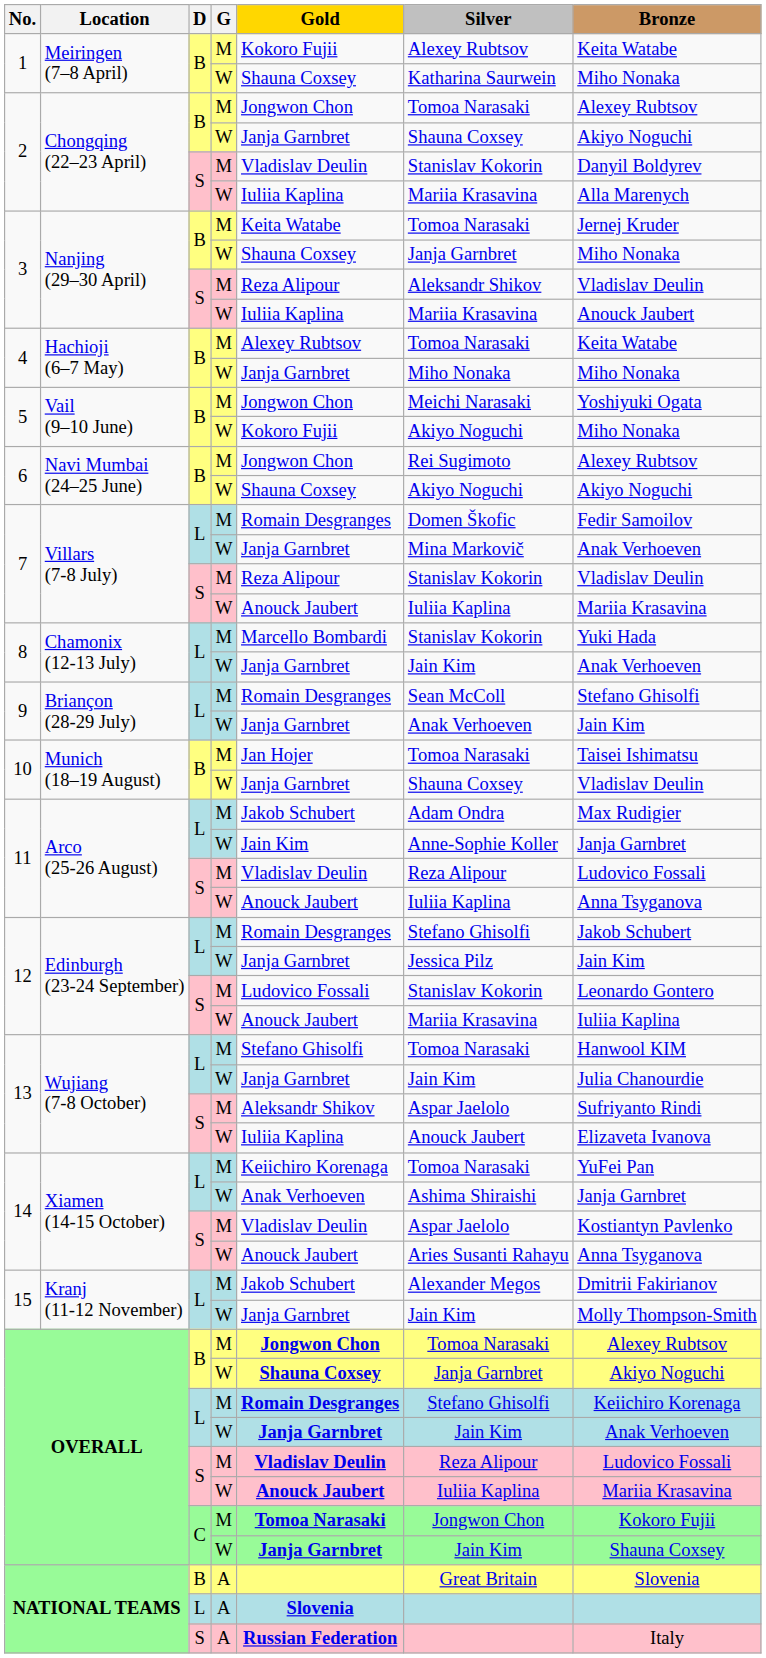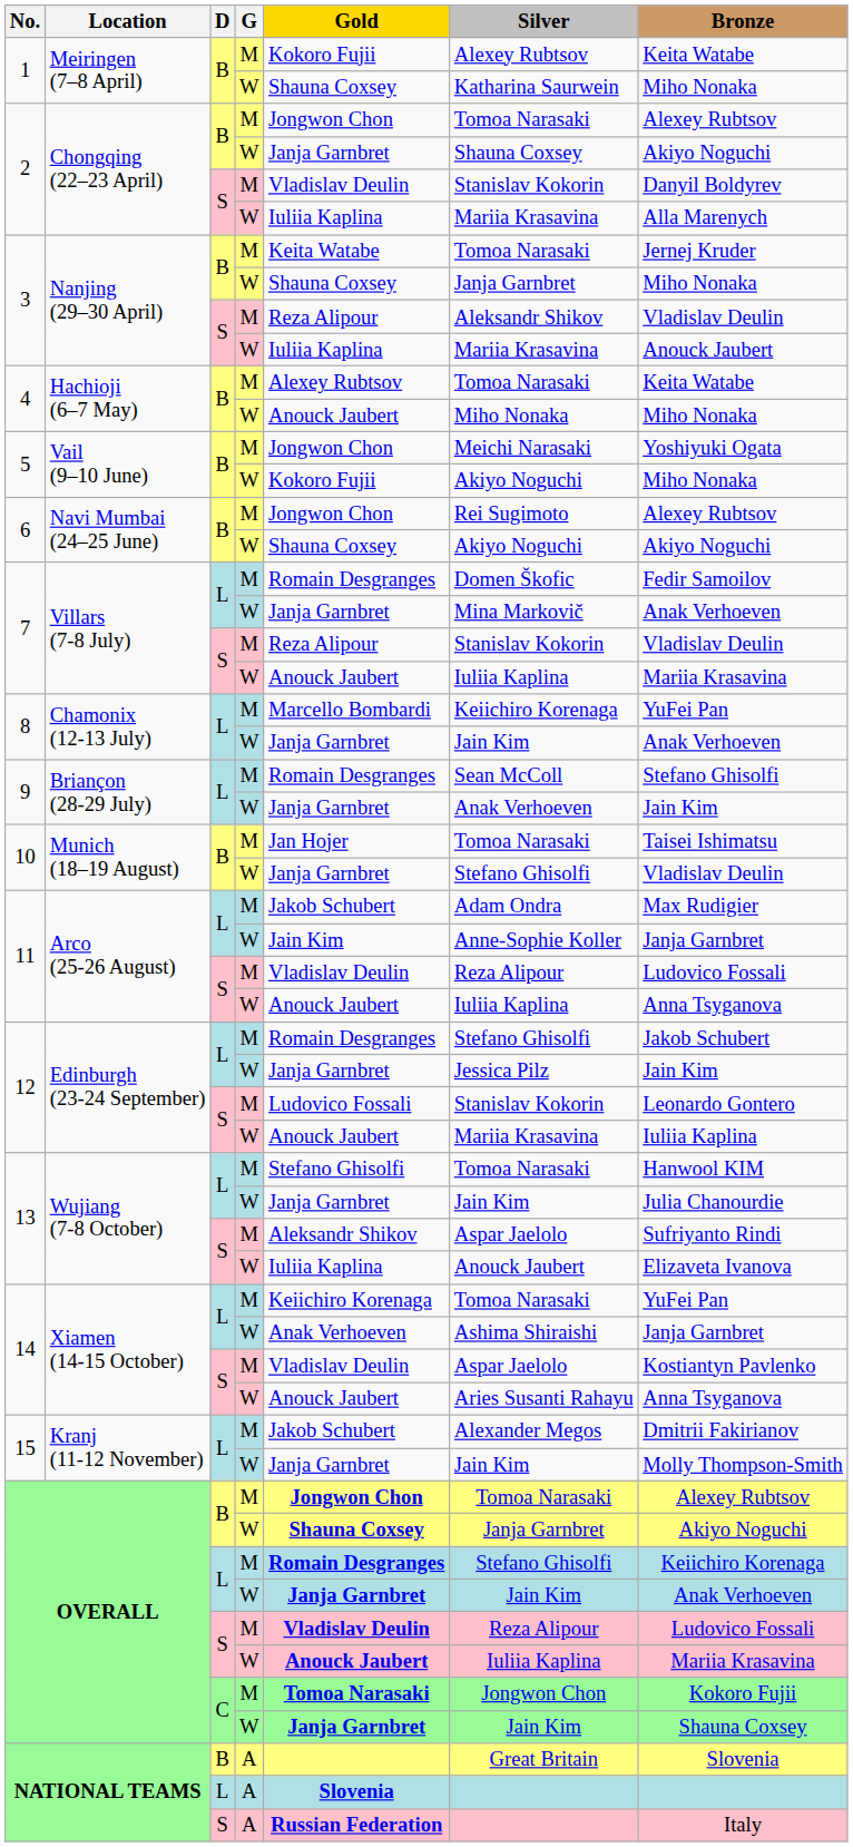 <table class="wikitable sortable">
 <tr>
 <th>No.</th>
 <th>Location</th>
 <th>D</th>
 <th>G</th>
 <th style="background: gold">Gold</th>
 <th style="background: silver">Silver</th>
 <th style="background: #cc9966">Bronze</th>
 </tr>
 <tr>
 <td rowspan=2 align="center">1</td>
 <td rowspan=2> <a href='#'>Meiringen</a> <br> (7–8 April)</td>
 <td rowspan=2 align="center" style="background: #ffff80">B</td>
 <td align="center" style="background: #ffff80">M</td>
 <td> <a href='#'>Kokoro Fujii</a></td>
 <td> <a href='#'>Alexey Rubtsov</a></td>
 <td> <a href='#'>Keita Watabe</a></td>
 </tr>
 <tr>
 <td align="center" style="background: #ffff80">W</td>
 <td> <a href='#'>Shauna Coxsey</a></td>
 <td> <a href='#'>Katharina Saurwein</a></td>
 <td> <a href='#'>Miho Nonaka</a></td>
 </tr>
 <tr>
 <td rowspan=4 align="center">2</td>
 <td rowspan=4> <a href='#'>Chongqing</a> <br> (22–23 April)</td>
 <td rowspan=2 align="center" style="background: #ffff80">B</td>
 <td align="center" style="background: #ffff80">M</td>
 <td> <a href='#'>Jongwon Chon</a></td>
 <td> <a href='#'>Tomoa Narasaki</a></td>
 <td> <a href='#'>Alexey Rubtsov</a></td>
 </tr>
 <tr>
 <td align="center" style="background: #ffff80">W</td>
 <td> <a href='#'>Janja Garnbret</a></td>
 <td> <a href='#'>Shauna Coxsey</a></td>
 <td> <a href='#'>Akiyo Noguchi</a></td>
 </tr>
 <tr>
 <td rowspan=2 align="center" style="background: Pink">S</td>
 <td align="center" style="background: Pink">M</td>
 <td> <a href='#'>Vladislav Deulin</a></td>
 <td> <a href='#'>Stanislav Kokorin</a></td>
 <td> <a href='#'>Danyil Boldyrev</a></td>
 </tr>
 <tr>
 <td align="center" style="background: Pink">W</td>
 <td> <a href='#'>Iuliia Kaplina</a></td>
 <td> <a href='#'>Mariia Krasavina</a></td>
 <td> <a href='#'>Alla Marenych</a></td>
 </tr>
 <tr>
 <td rowspan=4 align="center">3</td>
 <td rowspan=4> <a href='#'>Nanjing</a> <br> (29–30 April)</td>
 <td rowspan=2 align="center" style="background: #ffff80">B</td>
 <td align="center" style="background: #ffff80">M</td>
 <td> <a href='#'>Keita Watabe</a></td>
 <td> <a href='#'>Tomoa Narasaki</a></td>
 <td> <a href='#'>Jernej Kruder</a></td>
 </tr>
 <tr>
 <td align="center" style="background: #ffff80">W</td>
 <td> <a href='#'>Shauna Coxsey</a></td>
 <td> <a href='#'>Janja Garnbret</a></td>
 <td> <a href='#'>Miho Nonaka</a></td>
 </tr>
 <tr>
 <td rowspan=2 align="center" style="background: Pink">S</td>
 <td align="center" style="background: Pink">M</td>
 <td> <a href='#'>Reza Alipour</a></td>
 <td> <a href='#'>Aleksandr Shikov</a></td>
 <td> <a href='#'>Vladislav Deulin</a></td>
 </tr>
 <tr>
 <td align="center" style="background: Pink">W</td>
 <td> <a href='#'>Iuliia Kaplina</a></td>
 <td> <a href='#'>Mariia Krasavina</a></td>
 <td> <a href='#'>Anouck Jaubert</a></td>
 </tr>
 <tr>
 <td rowspan=2 align="center">4</td>
 <td rowspan=2> <a href='#'>Hachioji</a> <br> (6–7 May)</td>
 <td rowspan=2 align="center" style="background: #ffff80">B</td>
 <td align="center" style="background: #ffff80">M</td>
 <td> <a href='#'>Alexey Rubtsov</a></td>
 <td> <a href='#'>Tomoa Narasaki</a></td>
 <td> <a href='#'>Keita Watabe</a></td>
 </tr>
 <tr>
 <td align="center" style="background: #ffff80">W</td>
-<td> <a href='#'>Janja Garnbret</a></td>
+<td> <a href='#'>Anouck Jaubert</a></td>
 <td> <a href='#'>Miho Nonaka</a></td>
 <td> <a href='#'>Miho Nonaka</a></td>
 </tr>
 <tr>
 <td rowspan=2 align="center">5</td>
 <td rowspan=2> <a href='#'>Vail</a> <br> (9–10 June)</td>
 <td rowspan=2 align="center" style="background: #ffff80">B</td>
 <td align="center" style="background: #ffff80">M</td>
 <td> <a href='#'>Jongwon Chon</a></td>
 <td> <a href='#'>Meichi Narasaki</a></td>
 <td> <a href='#'>Yoshiyuki Ogata</a></td>
 </tr>
 <tr>
 <td align="center" style="background: #ffff80">W</td>
 <td> <a href='#'>Kokoro Fujii</a></td>
 <td> <a href='#'>Akiyo Noguchi</a></td>
 <td> <a href='#'>Miho Nonaka</a></td>
 </tr>
 <tr>
 <td rowspan=2 align="center">6</td>
 <td rowspan=2> <a href='#'>Navi Mumbai</a> <br> (24–25 June)</td>
 <td rowspan=2 align="center" style="background: #ffff80">B</td>
 <td align="center" style="background: #ffff80">M</td>
 <td> <a href='#'>Jongwon Chon</a></td>
 <td> <a href='#'>Rei Sugimoto</a></td>
 <td> <a href='#'>Alexey Rubtsov</a></td>
 </tr>
 <tr>
 <td align="center" style="background: #ffff80">W</td>
 <td> <a href='#'>Shauna Coxsey</a></td>
 <td> <a href='#'>Akiyo Noguchi</a></td>
 <td> <a href='#'>Akiyo Noguchi</a></td>
 </tr>
 <tr>
 <td rowspan=4 align="center">7</td>
 <td rowspan=4> <a href='#'>Villars</a> <br> (7-8 July)</td>
 <td rowspan=2 align="center" style="background: PowderBlue">L</td>
 <td align="center" style="background: PowderBlue">M</td>
 <td> <a href='#'>Romain Desgranges</a></td>
 <td> <a href='#'>Domen Škofic</a></td>
 <td> <a href='#'>Fedir Samoilov</a></td>
 </tr>
 <tr>
 <td align="center" style="background: PowderBlue">W</td>
 <td> <a href='#'>Janja Garnbret</a></td>
 <td> <a href='#'>Mina Markovič</a></td>
 <td> <a href='#'>Anak Verhoeven</a></td>
 </tr>
 <tr>
 <td rowspan=2 align="center" style="background: Pink">S</td>
 <td align="center" style="background: Pink">M</td>
 <td> <a href='#'>Reza Alipour</a></td>
 <td> <a href='#'>Stanislav Kokorin</a></td>
 <td> <a href='#'>Vladislav Deulin</a></td>
 </tr>
 <tr>
 <td align="center" style="background: Pink">W</td>
 <td> <a href='#'>Anouck Jaubert</a></td>
 <td> <a href='#'>Iuliia Kaplina</a></td>
 <td> <a href='#'>Mariia Krasavina</a></td>
 </tr>
 <tr>
 <td rowspan=2 align="center">8</td>
 <td rowspan=2> <a href='#'>Chamonix</a> <br> (12-13 July)</td>
 <td rowspan=2 align="center" style="background: PowderBlue">L</td>
 <td align="center" style="background: PowderBlue">M</td>
 <td> <a href='#'>Marcello Bombardi</a></td>
-<td> <a href='#'>Stanislav Kokorin</a></td>
-<td> <a href='#'>Yuki Hada</a></td>
+<td> <a href='#'>Keiichiro Korenaga</a></td>
+<td> <a href='#'>YuFei Pan</a></td>
 </tr>
 <tr>
 <td align="center" style="background: PowderBlue">W</td>
 <td> <a href='#'>Janja Garnbret</a></td>
 <td> <a href='#'>Jain Kim</a></td>
 <td> <a href='#'>Anak Verhoeven</a></td>
 </tr>
 <tr>
 <td rowspan=2 align="center">9</td>
 <td rowspan=2> <a href='#'>Briançon</a> <br> (28-29 July)</td>
 <td rowspan=2 align="center" style="background: PowderBlue">L</td>
 <td align="center" style="background: PowderBlue">M</td>
 <td> <a href='#'>Romain Desgranges</a></td>
 <td> <a href='#'>Sean McColl</a></td>
 <td> <a href='#'>Stefano Ghisolfi</a></td>
 </tr>
 <tr>
 <td align="center" style="background: PowderBlue">W</td>
 <td> <a href='#'>Janja Garnbret</a></td>
 <td> <a href='#'>Anak Verhoeven</a></td>
 <td> <a href='#'>Jain Kim</a></td>
 </tr>
 <tr>
 <td rowspan=2 align="center">10</td>
 <td rowspan=2> <a href='#'>Munich</a> <br> (18–19 August)</td>
 <td rowspan=2 align="center" style="background: #ffff80">B</td>
 <td align="center" style="background: #ffff80">M</td>
 <td> <a href='#'>Jan Hojer</a></td>
 <td> <a href='#'>Tomoa Narasaki</a></td>
 <td> <a href='#'>Taisei Ishimatsu</a></td>
 </tr>
 <tr>
 <td align="center" style="background: #ffff80">W</td>
 <td> <a href='#'>Janja Garnbret</a></td>
-<td> <a href='#'>Shauna Coxsey</a></td>
+<td> <a href='#'>Stefano Ghisolfi</a></td>
 <td> <a href='#'>Vladislav Deulin</a></td>
 </tr>
 <tr>
 <td rowspan=4 align="center">11</td>
 <td rowspan=4> <a href='#'>Arco</a> <br> (25-26 August)</td>
 <td rowspan=2 align="center" style="background: PowderBlue">L</td>
 <td align="center" style="background: PowderBlue">M</td>
 <td> <a href='#'>Jakob Schubert</a></td>
 <td> <a href='#'>Adam Ondra</a></td>
 <td> <a href='#'>Max Rudigier</a></td>
 </tr>
 <tr>
 <td align="center" style="background: PowderBlue">W</td>
 <td> <a href='#'>Jain Kim</a></td>
 <td> <a href='#'>Anne-Sophie Koller</a></td>
 <td> <a href='#'>Janja Garnbret</a></td>
 </tr>
 <tr>
 <td rowspan=2 align="center" style="background: Pink">S</td>
 <td align="center" style="background: Pink">M</td>
 <td> <a href='#'>Vladislav Deulin</a></td>
 <td> <a href='#'>Reza Alipour</a></td>
 <td> <a href='#'>Ludovico Fossali</a></td>
 </tr>
 <tr>
 <td align="center" style="background: Pink">W</td>
 <td> <a href='#'>Anouck Jaubert</a></td>
 <td> <a href='#'>Iuliia Kaplina</a></td>
 <td> <a href='#'>Anna Tsyganova</a></td>
 </tr>
 <tr>
 <td rowspan=4 align="center">12</td>
 <td rowspan=4> <a href='#'>Edinburgh</a> <br> (23-24 September)</td>
 <td rowspan=2 align="center" style="background: PowderBlue">L</td>
 <td align="center" style="background: PowderBlue">M</td>
 <td> <a href='#'>Romain Desgranges</a></td>
 <td> <a href='#'>Stefano Ghisolfi</a></td>
 <td> <a href='#'>Jakob Schubert</a></td>
 </tr>
 <tr>
 <td align="center" style="background: PowderBlue">W</td>
 <td> <a href='#'>Janja Garnbret</a></td>
 <td> <a href='#'>Jessica Pilz</a></td>
 <td> <a href='#'>Jain Kim</a></td>
 </tr>
 <tr>
 <td rowspan=2 align="center" style="background: Pink">S</td>
 <td align="center" style="background: Pink">M</td>
 <td> <a href='#'>Ludovico Fossali</a></td>
 <td> <a href='#'>Stanislav Kokorin</a></td>
 <td> <a href='#'>Leonardo Gontero</a></td>
 </tr>
 <tr>
 <td align="center" style="background: Pink">W</td>
 <td> <a href='#'>Anouck Jaubert</a></td>
 <td> <a href='#'>Mariia Krasavina</a></td>
 <td> <a href='#'>Iuliia Kaplina</a></td>
 </tr>
 <tr>
 <td rowspan=4 align="center">13</td>
 <td rowspan=4> <a href='#'>Wujiang</a> <br> (7-8 October)</td>
 <td rowspan=2 align="center" style="background: PowderBlue">L</td>
 <td align="center" style="background: PowderBlue">M</td>
 <td> <a href='#'>Stefano Ghisolfi</a></td>
 <td> <a href='#'>Tomoa Narasaki</a></td>
 <td> <a href='#'>Hanwool KIM</a></td>
 </tr>
 <tr>
 <td align="center" style="background: PowderBlue">W</td>
 <td> <a href='#'>Janja Garnbret</a></td>
 <td> <a href='#'>Jain Kim</a></td>
 <td> <a href='#'>Julia Chanourdie</a></td>
 </tr>
 <tr>
 <td rowspan=2 align="center" style="background: Pink">S</td>
 <td align="center" style="background: Pink">M</td>
 <td> <a href='#'>Aleksandr Shikov</a></td>
 <td> <a href='#'>Aspar Jaelolo</a></td>
 <td> <a href='#'>Sufriyanto Rindi</a></td>
 </tr>
 <tr>
 <td align="center" style="background: Pink">W</td>
 <td> <a href='#'>Iuliia Kaplina</a></td>
 <td> <a href='#'>Anouck Jaubert</a></td>
 <td> <a href='#'>Elizaveta Ivanova</a></td>
 </tr>
 <tr>
 <td rowspan=4 align="center">14</td>
 <td rowspan=4> <a href='#'>Xiamen</a> <br> (14-15 October)</td>
 <td rowspan=2 align="center" style="background: PowderBlue">L</td>
 <td align="center" style="background: PowderBlue">M</td>
 <td> <a href='#'>Keiichiro Korenaga</a></td>
 <td> <a href='#'>Tomoa Narasaki</a></td>
 <td> <a href='#'>YuFei Pan</a></td>
 </tr>
 <tr>
 <td align="center" style="background: PowderBlue">W</td>
 <td> <a href='#'>Anak Verhoeven</a></td>
 <td> <a href='#'>Ashima Shiraishi</a></td>
 <td> <a href='#'>Janja Garnbret</a></td>
 </tr>
 <tr>
 <td rowspan=2 align="center" style="background: Pink">S</td>
 <td align="center" style="background: Pink">M</td>
 <td> <a href='#'>Vladislav Deulin</a></td>
 <td> <a href='#'>Aspar Jaelolo</a></td>
 <td> <a href='#'>Kostiantyn Pavlenko</a></td>
 </tr>
 <tr>
 <td align="center" style="background: Pink">W</td>
 <td> <a href='#'>Anouck Jaubert</a></td>
 <td> <a href='#'>Aries Susanti Rahayu</a></td>
 <td> <a href='#'>Anna Tsyganova</a></td>
 </tr>
 <tr>
 <td rowspan=2 align="center">15</td>
 <td rowspan=2> <a href='#'>Kranj</a> <br> (11-12 November)</td>
 <td rowspan=2 align="center" style="background: PowderBlue">L</td>
 <td align="center" style="background: PowderBlue">M</td>
 <td> <a href='#'>Jakob Schubert</a></td>
 <td> <a href='#'>Alexander Megos</a></td>
 <td> <a href='#'>Dmitrii Fakirianov</a></td>
 </tr>
 <tr>
 <td align="center" style="background: PowderBlue">W</td>
 <td> <a href='#'>Janja Garnbret</a></td>
 <td> <a href='#'>Jain Kim</a></td>
 <td> <a href='#'>Molly Thompson-Smith</a></td>
 </tr>
 <tr>
 <td align="center" style="background:#98FB98" colspan=2 rowspan=8><strong>OVERALL</strong></td>
 <td align="center" style="background: #ffff80" rowspan=2>B</td>
 <td align="center" style="background: #ffff80">M</td>
 <td align="center" style="background: #ffff80"><strong> <a href='#'>Jongwon Chon</a></strong></td>
 <td align="center" style="background: #ffff80"> <a href='#'>Tomoa Narasaki</a></td>
 <td align="center" style="background: #ffff80"> <a href='#'>Alexey Rubtsov</a></td>
 </tr>
 <tr>
 <td align="center" style="background: #ffff80">W</td>
 <td align="center" style="background: #ffff80"><strong> <a href='#'>Shauna Coxsey</a></strong></td>
 <td align="center" style="background: #ffff80"> <a href='#'>Janja Garnbret</a></td>
 <td align="center" style="background: #ffff80"> <a href='#'>Akiyo Noguchi</a></td>
 </tr>
 <tr>
 <td align="center" style="background: PowderBlue" rowspan=2>L</td>
 <td align="center" style="background: PowderBlue">M</td>
 <td align="center" style="background: PowderBlue"><strong> <a href='#'>Romain Desgranges</a> </strong></td>
 <td align="center" style="background: PowderBlue"> <a href='#'>Stefano Ghisolfi</a></td>
 <td align="center" style="background: PowderBlue"> <a href='#'>Keiichiro Korenaga</a></td>
 </tr>
 <tr>
 <td align="center" style="background: PowderBlue">W</td>
 <td align="center" style="background: PowderBlue"><strong> <a href='#'>Janja Garnbret</a> </strong></td>
 <td align="center" style="background: PowderBlue"> <a href='#'>Jain Kim</a></td>
 <td align="center" style="background: PowderBlue"> <a href='#'>Anak Verhoeven</a></td>
 </tr>
 <tr>
 <td align="center" style="background: Pink" rowspan=2>S</td>
 <td align="center" style="background: Pink">M</td>
 <td align="center" style="background: Pink"><strong> <a href='#'>Vladislav Deulin</a> </strong></td>
 <td align="center" style="background: Pink"> <a href='#'>Reza Alipour</a></td>
 <td align="center" style="background: Pink"> <a href='#'>Ludovico Fossali</a></td>
 </tr>
 <tr>
 <td align="center" style="background: Pink">W</td>
 <td align="center" style="background: Pink"><strong> <a href='#'>Anouck Jaubert</a> </strong></td>
 <td align="center" style="background: Pink"> <a href='#'>Iuliia Kaplina</a></td>
 <td align="center" style="background: Pink"> <a href='#'>Mariia Krasavina</a></td>
 </tr>
 <tr>
 <td align="center" style="background:#98FB98" rowspan=2>C</td>
 <td align="center" style="background:#98FB98">M</td>
 <td align="center" style="background:#98FB98"><strong> <a href='#'>Tomoa Narasaki</a></strong></td>
 <td align="center" style="background:#98FB98"> <a href='#'>Jongwon Chon</a></td>
 <td align="center" style="background:#98FB98"> <a href='#'>Kokoro Fujii</a></td>
 </tr>
 <tr>
 <td align="center" style="background:#98FB98">W</td>
 <td align="center" style="background:#98FB98"><strong> <a href='#'>Janja Garnbret</a> </strong></td>
 <td align="center" style="background:#98FB98"> <a href='#'>Jain Kim</a></td>
 <td align="center" style="background:#98FB98"> <a href='#'>Shauna Coxsey</a></td>
 </tr>
 <tr>
 <td align="center" style="background:#98FB98" colspan=2 rowspan=3><strong> NATIONAL TEAMS</strong></td>
 <td align="center" style="background: #ffff80">B</td>
 <td align="center" style="background: #ffff80">A</td>
 <td align="center" style="background: #ffff80"><strong></strong></td>
 <td align="center" style="background: #ffff80"> <a href='#'>Great Britain</a></td>
 <td align="center" style="background: #ffff80"> <a href='#'>Slovenia</a></td>
 </tr>
 <tr>
 <td align="center" style="background: PowderBlue">L</td>
 <td align="center" style="background: PowderBlue">A</td>
 <td align="center" style="background: PowderBlue"><strong> <a href='#'>Slovenia</a></strong></td>
 <td align="center" style="background: PowderBlue"></td>
 <td align="center" style="background: PowderBlue"></td>
 </tr>
 <tr>
 <td align="center" style="background: Pink">S</td>
 <td align="center" style="background: Pink">A</td>
 <td align="center" style="background: Pink"><strong> <a href='#'>Russian Federation</a></strong></td>
 <td align="center" style="background: Pink"></td>
 <td align="center" style="background: Pink"> Italy</td>
 </tr>
 </table>
